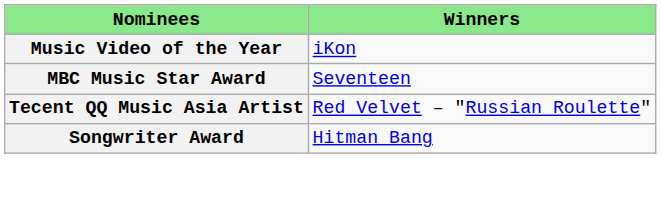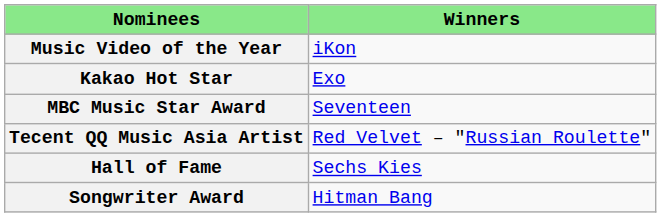 <table class="wikitable plainrowheaders">
 <tr>
 <th style="background:#89E889;">Nominees</th>
 <th style="background:#89E889;">Winners</th>
 </tr>
 <tr>
 <th scope="row">Music Video of the Year</th>
 <td><a href='#'>iKon</a></td>
 </tr>
 <tr>
+<th scope="row">Kakao Hot Star</th>
+<td><a href='#'>Exo</a></td>
+</tr>
+<tr>
 <th scope="row">MBC Music Star Award</th>
 <td><a href='#'>Seventeen</a></td>
 </tr>
 <tr>
 <th scope="row">Tecent QQ Music Asia Artist</th>
 <td><a href='#'>Red Velvet</a> – "<a href='#'>Russian Roulette</a>"</td>
 </tr>
 <tr>
+<th scope="row">Hall of Fame</th>
+<td><a href='#'>Sechs Kies</a></td>
+</tr>
+<tr>
 <th scope="row">Songwriter Award</th>
 <td><a href='#'>Hitman Bang</a></td>
 </tr>
 </table>
